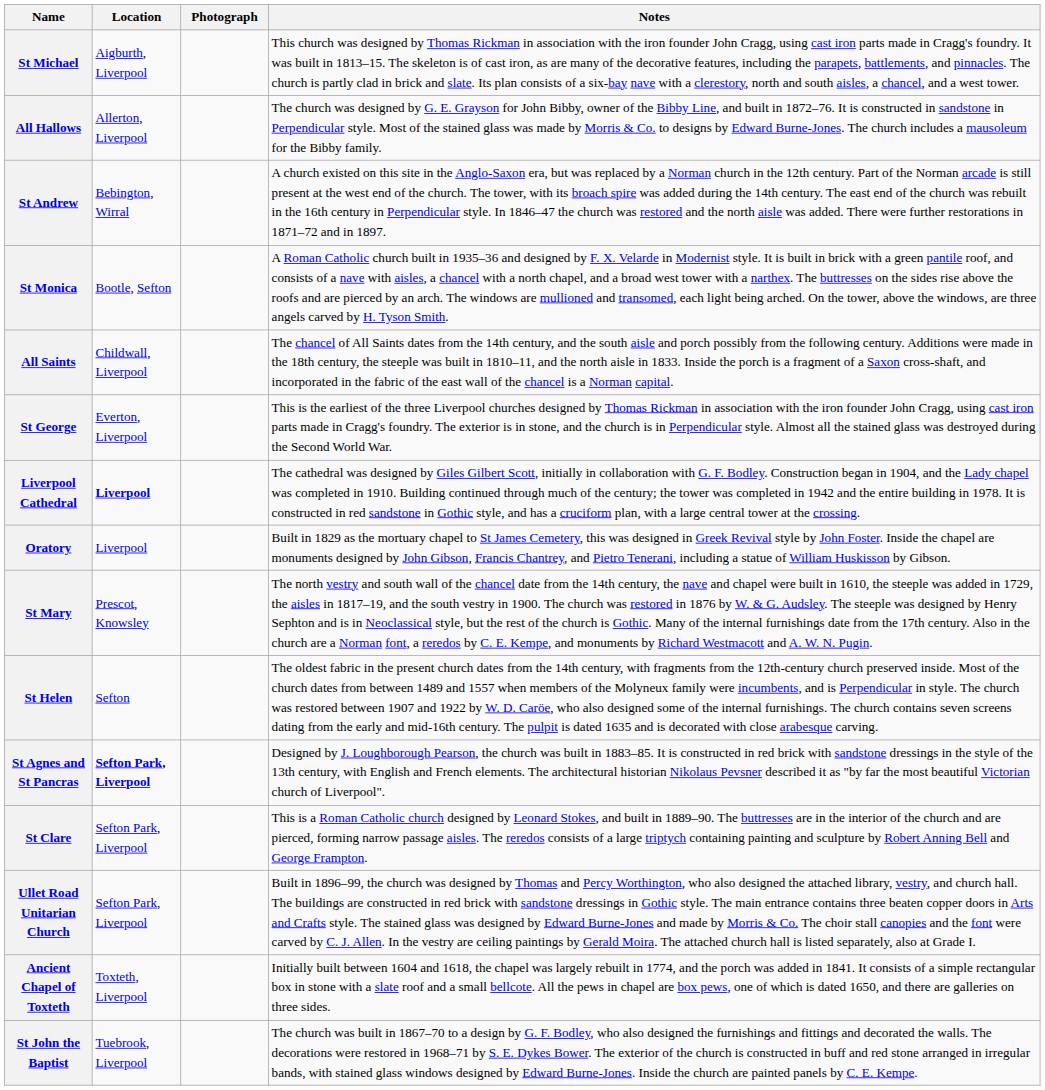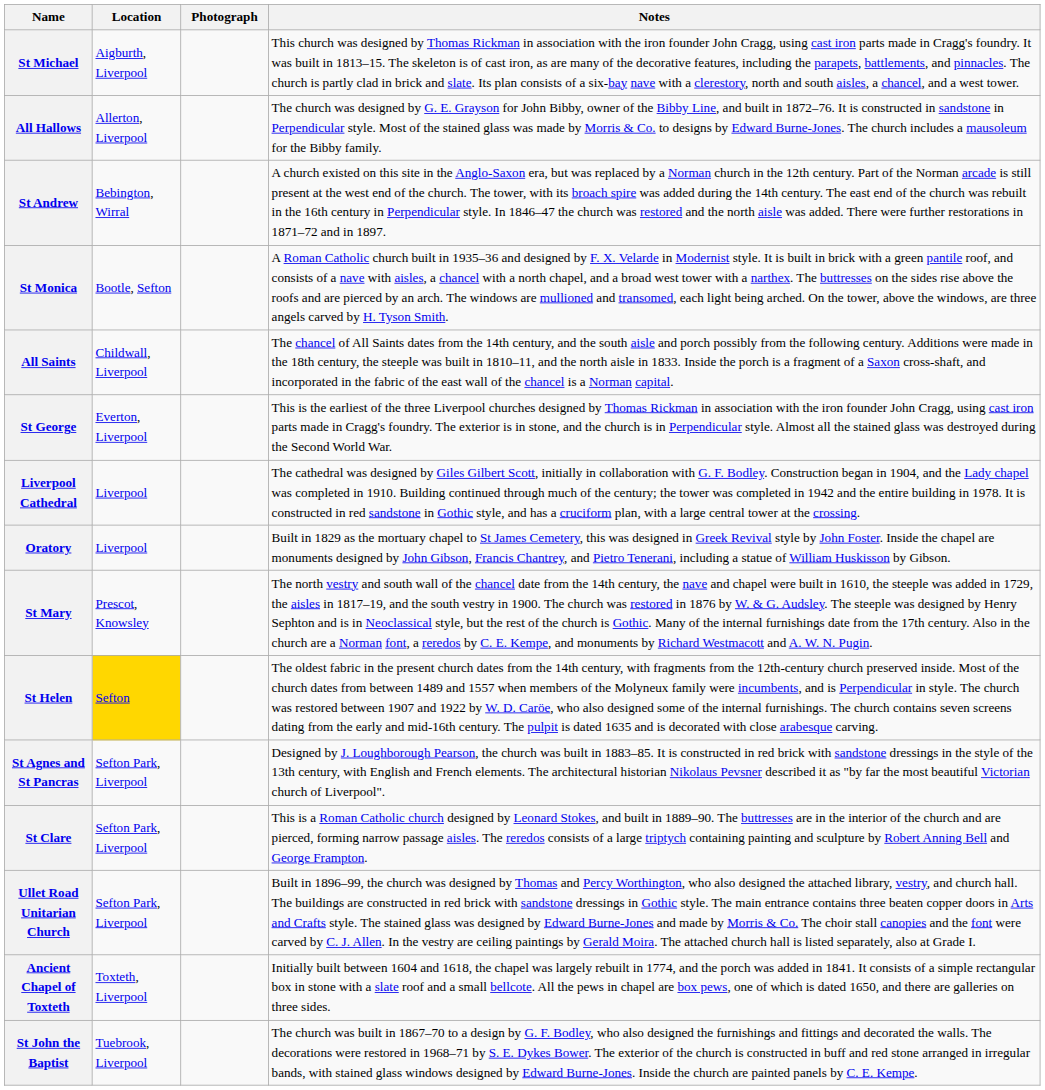 <table class="wikitable sortable plainrowheaders" style="width:100%;border:0px;text-align:left;line-height:150%;">
 <tr>
 <th scope="col" style="width:100px">Name</th>
 <th scope="col" style="width:100px">Location</th>
 <th scope="col" style="width:100px" class="unsortable">Photograph</th>
 <th scope="col" class="unsortable">Notes</th>
 </tr>
 <tr>
 <th scope="row"><a href='#'>St Michael</a></th>
 <td><a href='#'>Aigburth</a>, <a href='#'>Liverpool</a><br><small></small></td>
 <td></td>
 <td>This church was designed by <a href='#'>Thomas Rickman</a> in association with the iron founder John Cragg, using <a href='#'>cast iron</a> parts made in Cragg's foundry.  It was built in 1813–15.  The skeleton is of cast iron, as are many of the decorative features, including the  <a href='#'>parapets</a>, <a href='#'>battlements</a>, and <a href='#'>pinnacles</a>.  The church is partly clad in brick and <a href='#'>slate</a>.  Its plan consists of a six-<a href='#'>bay</a> <a href='#'>nave</a> with a <a href='#'>clerestory</a>, north and south <a href='#'>aisles</a>, a <a href='#'>chancel</a>, and a west tower.</td>
 </tr>
 <tr>
 <th scope="row"><a href='#'>All Hallows</a></th>
 <td><a href='#'>Allerton</a>, <a href='#'>Liverpool</a><br><small></small></td>
 <td></td>
 <td>The church was designed by <a href='#'>G. E. Grayson</a> for John Bibby, owner of the <a href='#'>Bibby Line</a>, and built in 1872–76.  It is constructed in <a href='#'>sandstone</a> in <a href='#'>Perpendicular</a> style.  Most of the stained glass was made by <a href='#'>Morris & Co.</a> to designs by <a href='#'>Edward Burne-Jones</a>.  The church includes a <a href='#'>mausoleum</a> for the Bibby family.</td>
 </tr>
 <tr>
 <th scope="row"><a href='#'>St Andrew</a></th>
 <td><a href='#'>Bebington</a>, <a href='#'>Wirral</a><br><small></small></td>
 <td></td>
 <td>A church existed on this site in the <a href='#'>Anglo-Saxon</a> era, but was replaced by a <a href='#'>Norman</a> church in the 12th century.  Part of the Norman <a href='#'>arcade</a> is still present at the west end of the church.  The tower, with its <a href='#'>broach spire</a> was added during the 14th century.  The east end of the church was rebuilt in the 16th century in <a href='#'>Perpendicular</a> style. In 1846–47 the church was <a href='#'>restored</a> and the north <a href='#'>aisle</a> was added.  There were further restorations in 1871–72 and in 1897.</td>
 </tr>
 <tr>
 <th scope="row"><a href='#'>St Monica</a></th>
 <td><a href='#'>Bootle</a>, <a href='#'>Sefton</a><br><small></small></td>
 <td></td>
 <td>A <a href='#'>Roman Catholic</a> church built in 1935–36 and designed by <a href='#'>F. X. Velarde</a> in <a href='#'>Modernist</a> style.  It is built in brick with a green <a href='#'>pantile</a> roof, and consists of a <a href='#'>nave</a> with <a href='#'>aisles</a>, a <a href='#'>chancel</a> with a north chapel, and a broad west tower with a <a href='#'>narthex</a>.  The <a href='#'>buttresses</a> on the sides rise above the roofs and are pierced by an arch.  The windows are <a href='#'>mullioned</a> and <a href='#'>transomed</a>, each light being arched.  On the tower, above the windows, are three angels carved by <a href='#'>H. Tyson Smith</a>.</td>
 </tr>
 <tr>
 <th scope="row"><a href='#'>All Saints</a></th>
 <td><a href='#'>Childwall</a>, <a href='#'>Liverpool</a><br><small></small></td>
 <td></td>
 <td>The <a href='#'>chancel</a> of All Saints dates from the 14th century, and the south <a href='#'>aisle</a> and porch possibly from the following century. Additions were made in the 18th century, the steeple was built in 1810–11, and the north aisle in 1833.  Inside the porch is a fragment of a <a href='#'>Saxon</a> cross-shaft, and incorporated in the fabric of the east wall of the <a href='#'>chancel</a> is a <a href='#'>Norman</a> <a href='#'>capital</a>.</td>
 </tr>
 <tr>
 <th scope="row"><a href='#'>St George</a></th>
 <td><a href='#'>Everton</a>, <a href='#'>Liverpool</a><br><small></small></td>
 <td></td>
 <td>This is the earliest of the three Liverpool churches designed by <a href='#'>Thomas Rickman</a> in association with the iron founder John Cragg, using <a href='#'>cast iron</a> parts made in Cragg's foundry.  The exterior is in stone, and the church is in <a href='#'>Perpendicular</a> style.  Almost all the stained glass was destroyed during the Second World War.</td>
 </tr>
 <tr>
 <th scope="row"><a href='#'>Liverpool Cathedral</a></th>
-<td><strong><a href='#'>Liverpool</a><br><small></small></strong></td>
+<td><a href='#'>Liverpool</a><br><small></small></td>
 <td></td>
 <td>The cathedral was designed by <a href='#'>Giles Gilbert Scott</a>, initially in collaboration with <a href='#'>G. F. Bodley</a>. Construction began in 1904, and the <a href='#'>Lady chapel</a> was completed in 1910.  Building continued through much of the century; the tower was completed in 1942 and the entire building in 1978.  It is constructed in red <a href='#'>sandstone</a> in <a href='#'>Gothic</a> style, and has a <a href='#'>cruciform</a> plan, with a large central tower at the <a href='#'>crossing</a>.</td>
 </tr>
 <tr>
 <th scope="row"><a href='#'>Oratory</a></th>
 <td><a href='#'>Liverpool</a><br><small></small></td>
 <td></td>
 <td>Built in 1829 as the mortuary chapel to <a href='#'>St James Cemetery</a>, this was designed in <a href='#'>Greek Revival</a> style by <a href='#'>John Foster</a>.  Inside the chapel are monuments designed by <a href='#'>John Gibson</a>, <a href='#'>Francis Chantrey</a>, and <a href='#'>Pietro Tenerani</a>, including a statue of <a href='#'>William Huskisson</a> by Gibson.</td>
 </tr>
 <tr>
 <th scope="row"><a href='#'>St Mary</a></th>
 <td><a href='#'>Prescot</a>, <a href='#'>Knowsley</a><br><small></small></td>
 <td></td>
 <td>The north <a href='#'>vestry</a> and south wall of the <a href='#'>chancel</a> date from the 14th century, the <a href='#'>nave</a> and chapel were built in 1610, the steeple was added in 1729, the <a href='#'>aisles</a> in 1817–19, and the south vestry in 1900.  The church was <a href='#'>restored</a> in 1876 by <a href='#'>W. & G. Audsley</a>.  The steeple was designed by Henry Sephton and is in <a href='#'>Neoclassical</a> style, but the rest of the church is <a href='#'>Gothic</a>.  Many of the internal furnishings date from the 17th century.  Also in the church are a <a href='#'>Norman</a> <a href='#'>font</a>, a <a href='#'>reredos</a> by <a href='#'>C. E. Kempe</a>, and monuments by <a href='#'>Richard Westmacott</a> and <a href='#'>A. W. N. Pugin</a>.</td>
 </tr>
 <tr>
 <th scope="row"><a href='#'>St Helen</a></th>
-<td><a href='#'>Sefton</a><br><small></small></td>
+<td style="background: gold;"><a href='#'>Sefton</a><br><small></small></td>
 <td></td>
 <td>The oldest fabric in the present church dates from the 14th century, with fragments from the 12th-century church preserved inside.  Most of the church dates from between 1489 and 1557 when members of the Molyneux family were <a href='#'>incumbents</a>, and is <a href='#'>Perpendicular</a> in style.  The church was restored between 1907 and 1922 by <a href='#'>W. D. Caröe</a>, who also designed some of the internal furnishings.  The church contains seven screens dating from the early and mid-16th century.  The <a href='#'>pulpit</a> is dated 1635 and is decorated with close <a href='#'>arabesque</a> carving.</td>
 </tr>
 <tr>
 <th scope="row"><a href='#'>St Agnes and St Pancras</a></th>
-<td><strong><a href='#'>Sefton Park</a>, <a href='#'>Liverpool</a><br><small></small></strong></td>
+<td><a href='#'>Sefton Park</a>, <a href='#'>Liverpool</a><br><small></small></td>
 <td></td>
 <td>Designed by <a href='#'>J. Loughborough Pearson</a>, the church was built in 1883–85.  It is constructed in red brick with <a href='#'>sandstone</a> dressings in the style of the 13th century, with English and French elements.  The architectural historian <a href='#'>Nikolaus Pevsner</a> described it as "by far the most beautiful <a href='#'>Victorian</a> church of Liverpool".</td>
 </tr>
 <tr>
 <th scope="row"><a href='#'>St Clare</a></th>
 <td><a href='#'>Sefton Park</a>, <a href='#'>Liverpool</a><br><small></small></td>
 <td></td>
 <td>This is a <a href='#'>Roman Catholic church</a> designed by <a href='#'>Leonard Stokes</a>, and built in 1889–90.  The <a href='#'>buttresses</a> are in the interior of the church and are pierced, forming narrow passage <a href='#'>aisles</a>.  The <a href='#'>reredos</a> consists of a large <a href='#'>triptych</a> containing painting and sculpture by <a href='#'>Robert Anning Bell</a> and <a href='#'>George Frampton</a>.</td>
 </tr>
 <tr>
 <th scope="row"><a href='#'>Ullet Road Unitarian Church</a></th>
 <td><a href='#'>Sefton Park</a>, <a href='#'>Liverpool</a><br><small></small></td>
 <td></td>
 <td>Built in 1896–99, the church was designed by <a href='#'>Thomas</a> and <a href='#'>Percy Worthington</a>, who also designed the attached library, <a href='#'>vestry</a>, and church hall.  The buildings are constructed in red brick with <a href='#'>sandstone</a> dressings in <a href='#'>Gothic</a> style.  The main entrance contains three beaten copper doors in <a href='#'>Arts and Crafts</a> style.  The stained glass was designed by <a href='#'>Edward Burne-Jones</a> and made by <a href='#'>Morris & Co.</a>  The choir stall <a href='#'>canopies</a> and the <a href='#'>font</a> were carved by <a href='#'>C. J. Allen</a>.  In the vestry are ceiling paintings by <a href='#'>Gerald Moira</a>.  The attached church hall is listed separately, also at Grade I.</td>
 </tr>
 <tr>
 <th scope="row"><a href='#'>Ancient Chapel of Toxteth</a></th>
 <td><a href='#'>Toxteth</a>, <a href='#'>Liverpool</a><br><small></small></td>
 <td></td>
 <td>Initially built between 1604 and 1618, the chapel was largely rebuilt in 1774, and the porch was added in 1841.  It consists of a simple rectangular box in stone with a <a href='#'>slate</a> roof and a small <a href='#'>bellcote</a>.  All the pews in chapel are <a href='#'>box pews</a>, one of which is dated 1650, and there are galleries on three sides.</td>
 </tr>
 <tr>
 <th scope="row"><a href='#'>St John the Baptist</a></th>
 <td><a href='#'>Tuebrook</a>, <a href='#'>Liverpool</a><br><small></small></td>
 <td></td>
 <td>The church was built in 1867–70 to a design by <a href='#'>G. F. Bodley</a>, who also designed the furnishings and fittings and decorated the walls.  The decorations were restored in 1968–71 by <a href='#'>S. E. Dykes Bower</a>.  The exterior of the church is constructed in buff and red stone arranged in irregular bands, with stained glass windows designed by <a href='#'>Edward Burne-Jones</a>.  Inside the church are painted panels by <a href='#'>C. E. Kempe</a>.</td>
 </tr>
 <tr>
 </tr>
 </table>
